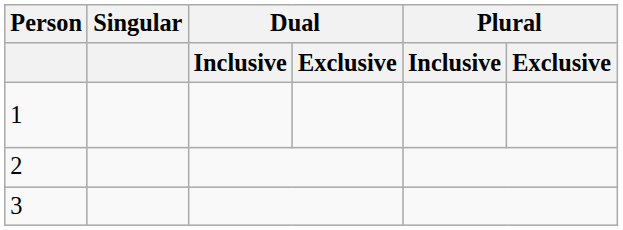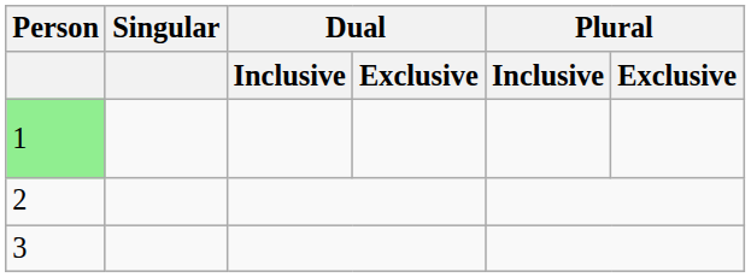 <table class="wikitable">
 <tr>
 <th>Person</th>
 <th>Singular</th>
 <th colspan="2">Dual</th>
 <th colspan="2">Plural</th>
 </tr>
 <tr>
 <th></th>
 <th></th>
 <th>Inclusive</th>
 <th>Exclusive</th>
 <th>Inclusive</th>
 <th>Exclusive</th>
 </tr>
 <tr>
-<td>1</td>
+<td style="background: lightgreen;">1</td>
 <td></td>
 <td></td>
 <td></td>
 <td></td>
 <td><br><br></td>
 </tr>
 <tr>
 <td>2</td>
 <td></td>
 <td colspan="2"></td>
 <td colspan="2"></td>
 </tr>
 <tr>
 <td>3</td>
 <td>   </td>
 <td colspan="2">    </td>
 <td colspan="2"></td>
 </tr>
 </table>
